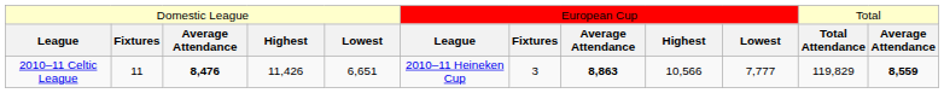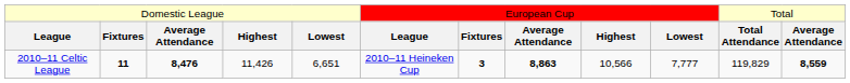 <table class="wikitable sortable" style="font-size:90%; width:90%;">
 <tr>
 <td colspan="5" class="wikitable sortable" style="width:45%; background:#ffffcc; text-align:center;"><span>Domestic League</span></td>
 <td colspan="5" class="wikitable sortable" style="width:45%; background:#f00; text-align:center;"><span>European Cup</span></td>
 <td colspan="2" class="wikitable sortable" style="width:45%; background:#ffffcc; text-align:center;"><span>Total</span></td>
 </tr>
 <tr>
 <th style="width:15%;">League</th>
 <th style="width:5%;">Fixtures</th>
 <th style="width:10%;">Average Attendance</th>
 <th style="width:10%;">Highest</th>
 <th style="width:10%;">Lowest</th>
 <th style="width:15%;">League</th>
 <th style="width:5%;">Fixtures</th>
 <th style="width:10%;">Average Attendance</th>
 <th style="width:10%;">Highest</th>
 <th style="width:10%;">Lowest</th>
 <th style="width:10%;">Total Attendance</th>
 <th style="width:10%;">Average Attendance</th>
 </tr>
 <tr>
 <td align=center><a href='#'>2010–11 Celtic League</a></td>
-<td align=center>11</td>
+<td align=center><strong>11</strong></td>
 <td align=center><strong>8,476</strong></td>
 <td align=center>11,426</td>
 <td align=center>6,651</td>
 <td align=center><a href='#'>2010–11 Heineken Cup</a></td>
-<td align=center>3</td>
+<td align=center><strong>3</strong></td>
 <td align=center><strong>8,863</strong></td>
 <td align=center>10,566</td>
 <td align=center>7,777</td>
 <td align=center>119,829</td>
 <td align=center><strong>8,559</strong></td>
 </tr>
 </table>
